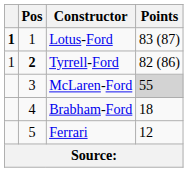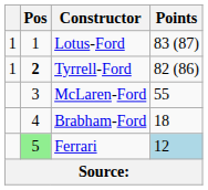 <table class="wikitable" style="font-size: 95%;">
 <tr>
 <th></th>
 <th>Pos</th>
 <th>Constructor</th>
 <th>Points</th>
 </tr>
 <tr>
-<td align="left"><strong> 1</strong></td>
+<td align="left"> 1</td>
 <td align="center">1</td>
 <td> <a href='#'>Lotus</a>-<a href='#'>Ford</a></td>
 <td style="text-align:left;">83 (87)</td>
 </tr>
 <tr>
 <td align="left"> 1</td>
 <td align="center"><strong>2</strong></td>
 <td> <a href='#'>Tyrrell</a>-<a href='#'>Ford</a></td>
 <td style="text-align:left;">82 (86)</td>
 </tr>
 <tr>
 <td align="left"></td>
 <td align="center">3</td>
 <td> <a href='#'>McLaren</a>-<a href='#'>Ford</a></td>
-<td style="background: lightgrey; text-align:left;">55</td>
+<td style="text-align:left;">55</td>
 </tr>
 <tr>
 <td align="left"></td>
 <td align="center">4</td>
 <td> <a href='#'>Brabham</a>-<a href='#'>Ford</a></td>
 <td style="text-align:left;">18</td>
 </tr>
 <tr>
 <td align="left"></td>
-<td align="center">5</td>
+<td align="center" style="background: lightgreen;">5</td>
 <td> <a href='#'>Ferrari</a></td>
-<td style="text-align:left;">12</td>
+<td style="background: lightblue; text-align:left;">12</td>
 </tr>
 <tr>
 <th colspan=4>Source: </th>
 </tr>
 </table>
